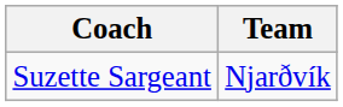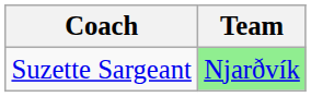 <table class="wikitable">
 <tr>
 <th align="center">Coach</th>
 <th align="center">Team</th>
 </tr>
 <tr>
 <td> <a href='#'>Suzette Sargeant</a></td>
-<td><a href='#'>Njarðvík</a></td>
+<td style="background: lightgreen;"><a href='#'>Njarðvík</a></td>
 </tr>
 </table>
